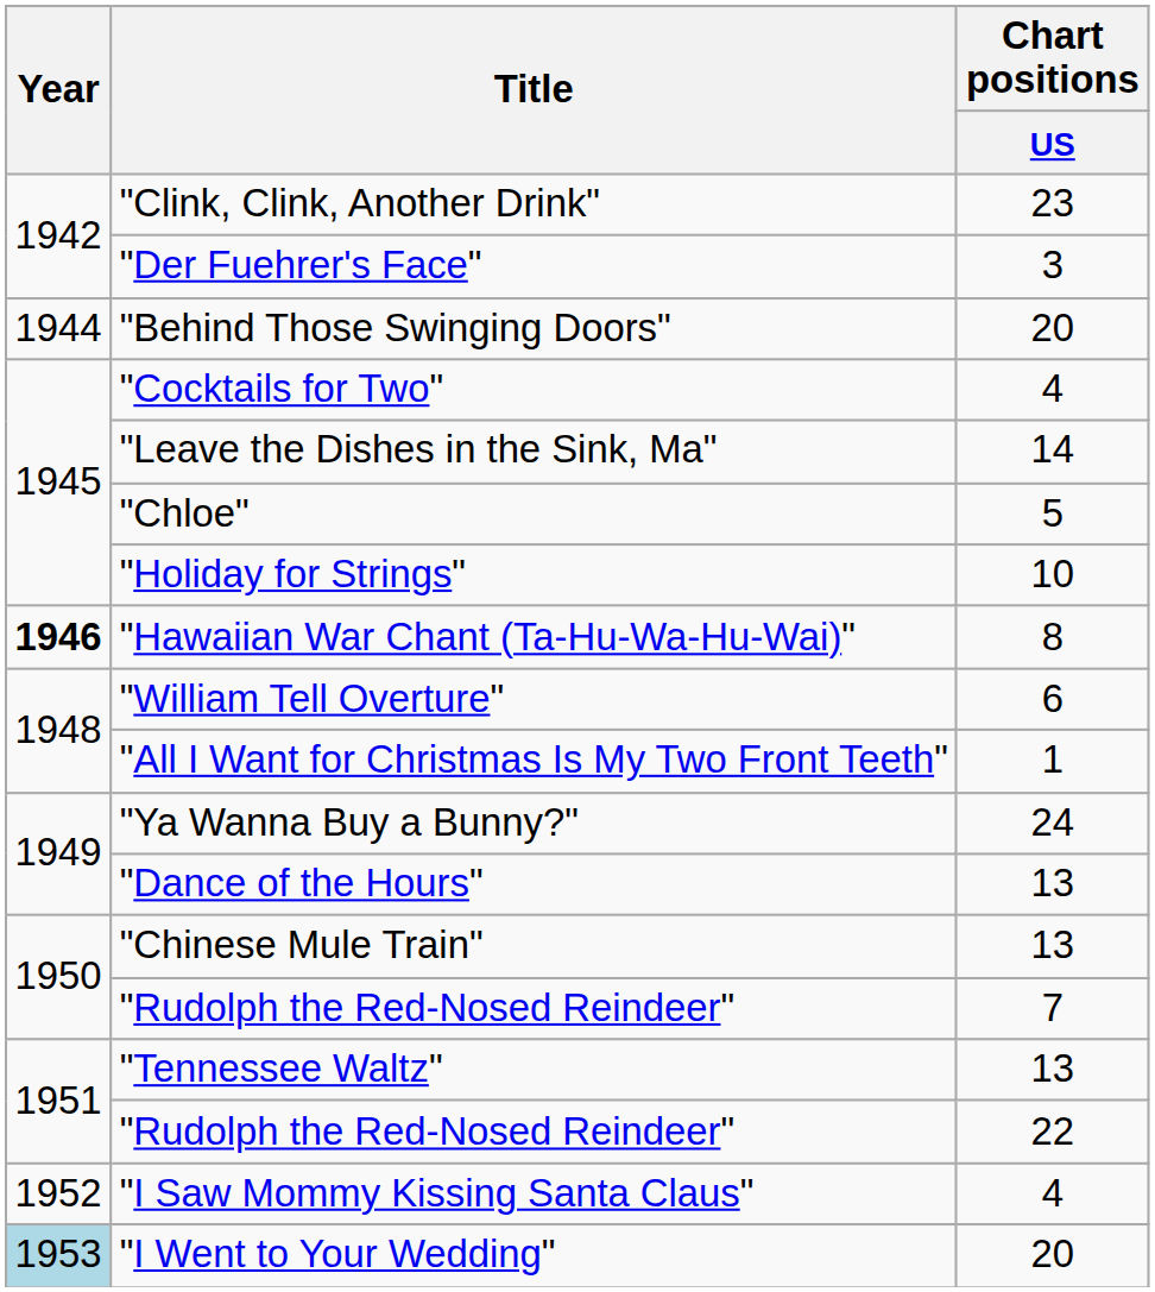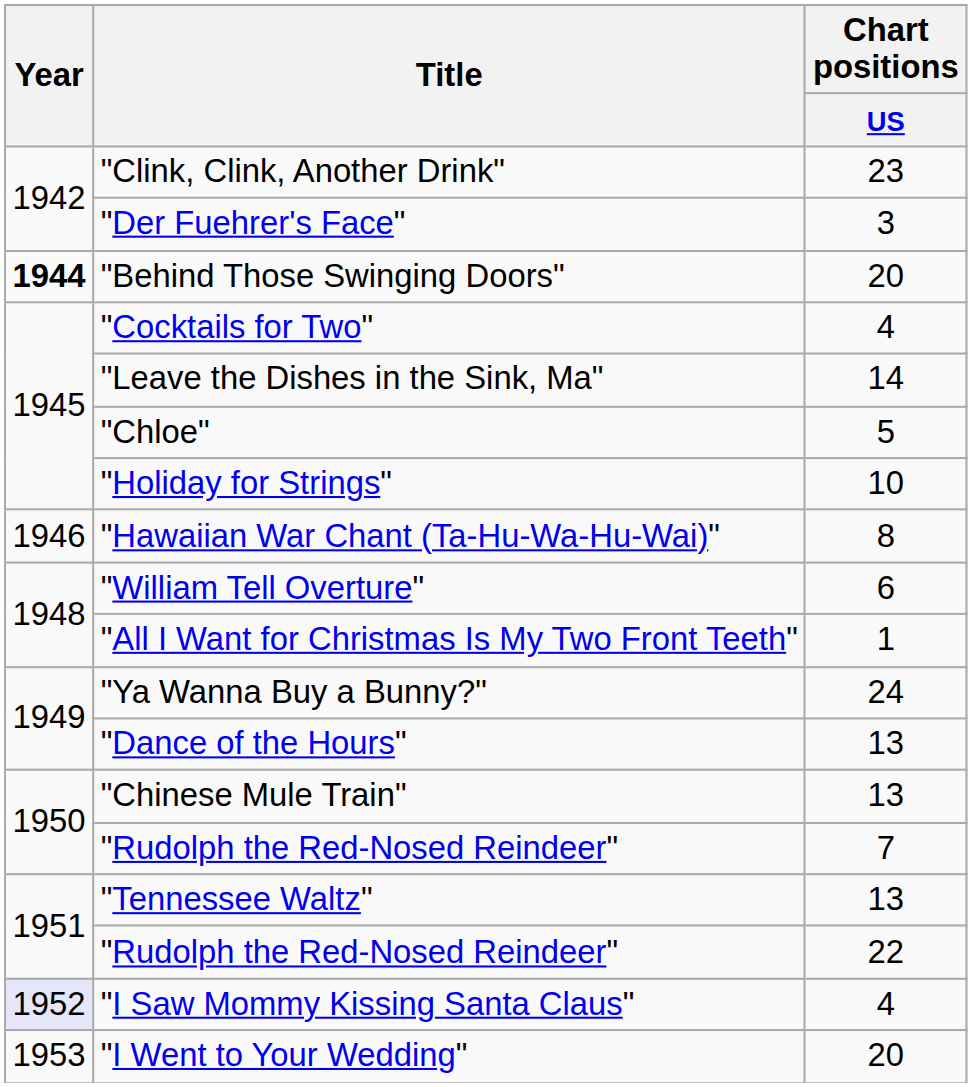 <table class="wikitable">
 <tr>
 <th rowspan="2">Year</th>
 <th rowspan="2">Title</th>
 <th>Chart positions</th>
 </tr>
 <tr>
 <th style="width:45px;"><small><a href='#'>US</a></small></th>
 </tr>
 <tr>
 <td rowspan="2">1942</td>
 <td>"Clink, Clink, Another Drink"</td>
 <td style="text-align:center;">23</td>
 </tr>
 <tr>
 <td>"<a href='#'>Der Fuehrer's Face</a>"</td>
 <td style="text-align:center;">3</td>
 </tr>
 <tr>
-<td>1944</td>
+<td><strong>1944</strong></td>
 <td>"Behind Those Swinging Doors"</td>
 <td style="text-align:center;">20</td>
 </tr>
 <tr>
 <td rowspan="4">1945</td>
 <td>"<a href='#'>Cocktails for Two</a>"</td>
 <td style="text-align:center;">4</td>
 </tr>
 <tr>
 <td>"Leave the Dishes in the Sink, Ma"</td>
 <td style="text-align:center;">14</td>
 </tr>
 <tr>
 <td>"Chloe"</td>
 <td style="text-align:center;">5</td>
 </tr>
 <tr>
 <td>"<a href='#'>Holiday for Strings</a>"</td>
 <td style="text-align:center;">10</td>
 </tr>
 <tr>
-<td><strong>1946</strong></td>
+<td>1946</td>
 <td>"<a href='#'>Hawaiian War Chant (Ta-Hu-Wa-Hu-Wai)</a>"</td>
 <td style="text-align:center;">8</td>
 </tr>
 <tr>
 <td rowspan="2">1948</td>
 <td>"<a href='#'>William Tell Overture</a>"</td>
 <td style="text-align:center;">6</td>
 </tr>
 <tr>
 <td>"<a href='#'>All I Want for Christmas Is My Two Front Teeth</a>"</td>
 <td style="text-align:center;">1</td>
 </tr>
 <tr>
 <td rowspan="2">1949</td>
 <td>"Ya Wanna Buy a Bunny?"</td>
 <td style="text-align:center;">24</td>
 </tr>
 <tr>
 <td>"<a href='#'>Dance of the Hours</a>"</td>
 <td style="text-align:center;">13</td>
 </tr>
 <tr>
 <td rowspan="2">1950</td>
 <td>"Chinese Mule Train"</td>
 <td style="text-align:center;">13</td>
 </tr>
 <tr>
 <td>"<a href='#'>Rudolph the Red-Nosed Reindeer</a>"</td>
 <td style="text-align:center;">7</td>
 </tr>
 <tr>
 <td rowspan="2">1951</td>
 <td>"<a href='#'>Tennessee Waltz</a>"</td>
 <td style="text-align:center;">13</td>
 </tr>
 <tr>
 <td>"<a href='#'>Rudolph the Red-Nosed Reindeer</a>"</td>
 <td style="text-align:center;">22</td>
 </tr>
 <tr>
-<td>1952</td>
+<td style="background: lavender;">1952</td>
 <td>"<a href='#'>I Saw Mommy Kissing Santa Claus</a>"</td>
 <td style="text-align:center;">4</td>
 </tr>
 <tr>
-<td style="background: lightblue;">1953</td>
+<td>1953</td>
 <td>"<a href='#'>I Went to Your Wedding</a>"</td>
 <td style="text-align:center;">20</td>
 </tr>
 </table>
